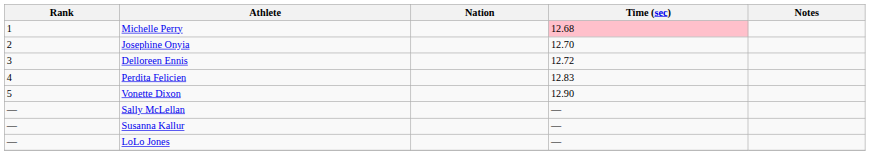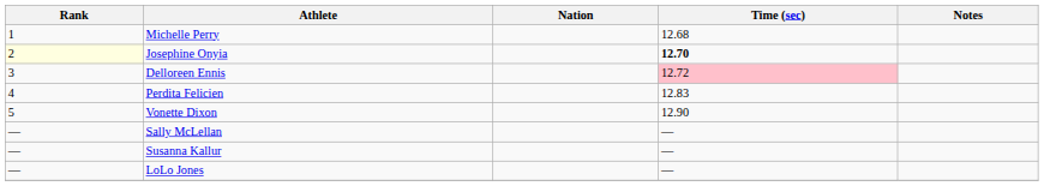 <table class="wikitable" width=85%>
 <tr>
 <th>Rank</th>
 <th>Athlete</th>
 <th>Nation</th>
 <th>Time (<a href='#'>sec</a>)</th>
 <th>Notes</th>
 </tr>
 <tr>
 <td>1</td>
 <td><a href='#'>Michelle Perry</a></td>
 <td></td>
-<td style="background: pink;">12.68</td>
+<td>12.68</td>
 <td></td>
 </tr>
 <tr>
-<td>2</td>
+<td style="background: lightyellow;">2</td>
 <td><a href='#'>Josephine Onyia</a></td>
 <td></td>
-<td>12.70</td>
+<td><strong>12.70</strong></td>
 <td></td>
 </tr>
 <tr>
 <td>3</td>
 <td><a href='#'>Delloreen Ennis</a></td>
 <td></td>
-<td>12.72</td>
+<td style="background: pink;">12.72</td>
 <td></td>
 </tr>
 <tr>
 <td>4</td>
 <td><a href='#'>Perdita Felicien</a></td>
 <td></td>
 <td>12.83</td>
 <td></td>
 </tr>
 <tr>
 <td>5</td>
 <td><a href='#'>Vonette Dixon</a></td>
 <td></td>
 <td>12.90</td>
 <td></td>
 </tr>
 <tr>
 <td>—</td>
 <td><a href='#'>Sally McLellan</a></td>
 <td></td>
 <td>—</td>
 <td></td>
 </tr>
 <tr>
 <td>—</td>
 <td><a href='#'>Susanna Kallur</a></td>
 <td></td>
 <td>—</td>
 <td></td>
 </tr>
 <tr>
 <td>—</td>
 <td><a href='#'>LoLo Jones</a></td>
 <td></td>
 <td>—</td>
 <td></td>
 </tr>
 <tr>
 </tr>
 </table>
